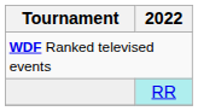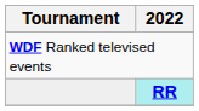 <table class="wikitable" style="width:20%; margin:0">
 <tr>
 <th>Tournament</th>
 <th>2022</th>
 </tr>
 <tr>
 <td colspan="2" style="text-align:left"><small><strong><a href='#'>WDF</a></strong> Ranked televised events</small></td>
 </tr>
 <tr>
 <td style="background:#efefef;"></td>
-<td style="text-align:center; background:#afeeee;"><a href='#'>RR</a></td>
+<td style="text-align:center; background:#afeeee;"><strong><a href='#'>RR</a></strong></td>
 </tr>
 <tr>
 </tr>
 </table>
